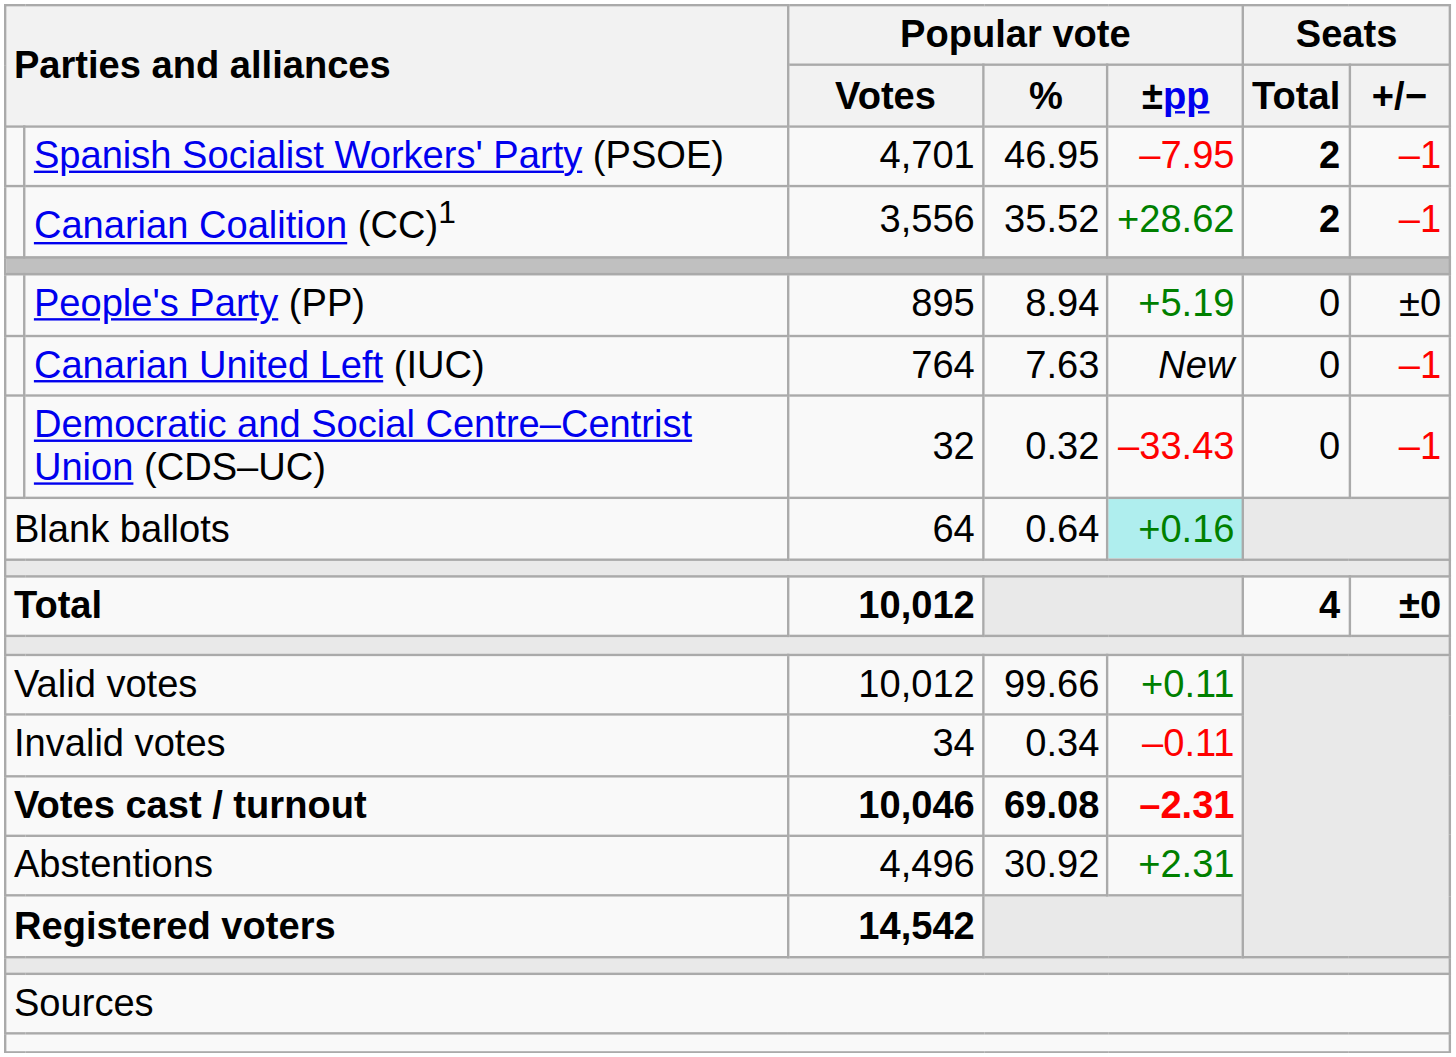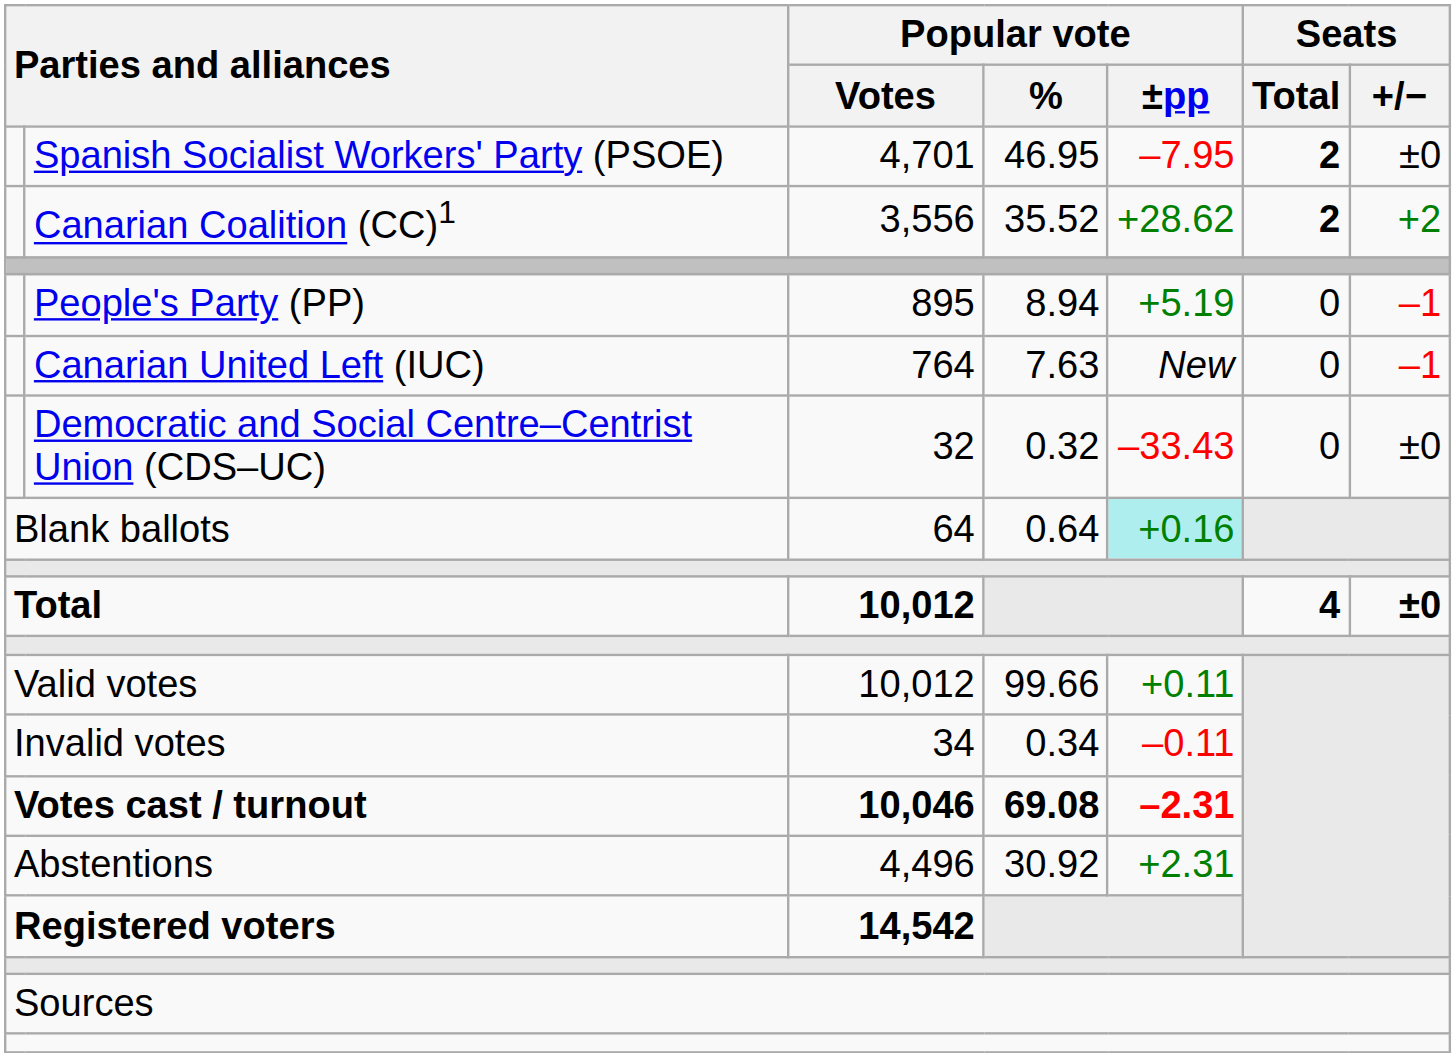 <table class="wikitable" style="text-align:right;">
 <tr>
 <th style="text-align:left;" rowspan="2" colspan="2" width="525">Parties and alliances</th>
 <th colspan="3">Popular vote</th>
 <th colspan="2">Seats</th>
 </tr>
 <tr>
 <th width="75">Votes</th>
 <th width="45">%</th>
 <th width="45">±<a href='#'>pp</a></th>
 <th width="35">Total</th>
 <th width="35">+/−</th>
 </tr>
 <tr>
 <td width="1" style="color:inherit;background:"></td>
 <td align="left"><a href='#'>Spanish Socialist Workers' Party</a> (PSOE)</td>
 <td>4,701</td>
 <td>46.95</td>
 <td style="color:red;">–7.95</td>
 <td><strong>2</strong></td>
-<td style="color:red;">–1</td>
+<td>±0</td>
 </tr>
 <tr>
 <td style="color:inherit;background:"></td>
 <td align="left"><a href='#'>Canarian Coalition</a> (CC)<sup>1</sup></td>
 <td>3,556</td>
 <td>35.52</td>
 <td style="color:green;">+28.62</td>
 <td><strong>2</strong></td>
-<td style="color:red;">–1</td>
+<td style="color:green;">+2</td>
 </tr>
 <tr>
 <td colspan="7" bgcolor="#C0C0C0"></td>
 </tr>
 <tr>
 <td style="color:inherit;background:"></td>
 <td align="left"><a href='#'>People's Party</a> (PP)</td>
 <td>895</td>
 <td>8.94</td>
 <td style="color:green;">+5.19</td>
 <td>0</td>
-<td>±0</td>
+<td style="color:red;">–1</td>
 </tr>
 <tr>
 <td style="color:inherit;background:"></td>
 <td align="left"><a href='#'>Canarian United Left</a> (IUC)</td>
 <td>764</td>
 <td>7.63</td>
 <td><em>New</em></td>
 <td>0</td>
 <td style="color:red;">–1</td>
 </tr>
 <tr>
 <td style="color:inherit;background:"></td>
 <td align="left"><a href='#'>Democratic and Social Centre–Centrist Union</a> (CDS–UC)</td>
 <td>32</td>
 <td>0.32</td>
 <td style="color:red;">–33.43</td>
 <td>0</td>
-<td style="color:red;">–1</td>
+<td>±0</td>
 </tr>
 <tr>
 <td align="left" colspan="2">Blank ballots</td>
 <td>64</td>
 <td>0.64</td>
 <td style="background: paleturquoise; color:green;">+0.16</td>
 <td bgcolor="#E9E9E9" colspan="2"></td>
 </tr>
 <tr>
 <td colspan="7" bgcolor="#E9E9E9"></td>
 </tr>
 <tr style="font-weight:bold;">
 <td align="left" colspan="2">Total</td>
 <td>10,012</td>
 <td bgcolor="#E9E9E9" colspan="2"></td>
 <td>4</td>
 <td>±0</td>
 </tr>
 <tr>
 <td colspan="7" bgcolor="#E9E9E9"></td>
 </tr>
 <tr>
 <td align="left" colspan="2">Valid votes</td>
 <td>10,012</td>
 <td>99.66</td>
 <td style="color:green;">+0.11</td>
 <td bgcolor="#E9E9E9" colspan="2" rowspan="5"></td>
 </tr>
 <tr>
 <td align="left" colspan="2">Invalid votes</td>
 <td>34</td>
 <td>0.34</td>
 <td style="color:red;">–0.11</td>
 </tr>
 <tr style="font-weight:bold;">
 <td align="left" colspan="2">Votes cast / turnout</td>
 <td>10,046</td>
 <td>69.08</td>
 <td style="color:red;">–2.31</td>
 </tr>
 <tr>
 <td align="left" colspan="2">Abstentions</td>
 <td>4,496</td>
 <td>30.92</td>
 <td style="color:green;">+2.31</td>
 </tr>
 <tr style="font-weight:bold;">
 <td align="left" colspan="2">Registered voters</td>
 <td>14,542</td>
 <td bgcolor="#E9E9E9" colspan="2"></td>
 </tr>
 <tr>
 <td colspan="7" bgcolor="#E9E9E9"></td>
 </tr>
 <tr>
 <td align="left" colspan="7">Sources</td>
 </tr>
 <tr>
 <td colspan="7" style="text-align:left; max-width:790px;"></td>
 </tr>
 </table>
